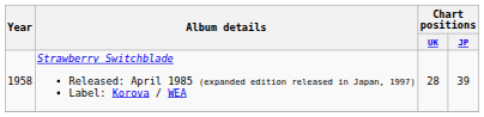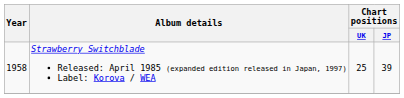 <table class="wikitable" style=text-align:center;>
 <tr>
 <th rowspan="2">Year</th>
 <th rowspan="2">Album details</th>
 <th colspan="2">Chart positions</th>
 </tr>
 <tr>
 <th width="30"><small><a href='#'>UK</a></small></th>
 <th width="30"><small><a href='#'>JP</a></small></th>
 </tr>
 <tr>
 <td rowspan="1">1958</td>
 <td align="left"><em><a href='#'>Strawberry Switchblade</a></em><br><ul><li>Released: April 1985 <small>(expanded edition released in Japan, 1997)</small></li><li>Label: <a href='#'>Korova</a> / <a href='#'>WEA</a></li></ul></td>
-<td>28</td>
+<td>25</td>
 <td>39</td>
 </tr>
 <tr>
 </tr>
 </table>
